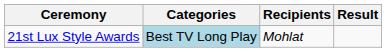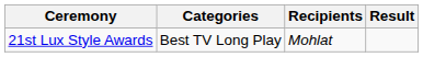 <table class="wikitable style">
 <tr>
 <th>Ceremony</th>
 <th>Categories</th>
 <th>Recipients</th>
 <th>Result</th>
 </tr>
 <tr>
 <td rowspan="5"><a href='#'>21st Lux Style Awards</a></td>
-<td style="background: lightblue;">Best TV Long Play</td>
+<td>Best TV Long Play</td>
 <td><em>Mohlat</td>
 <td></td>
 </tr>
 </table>
